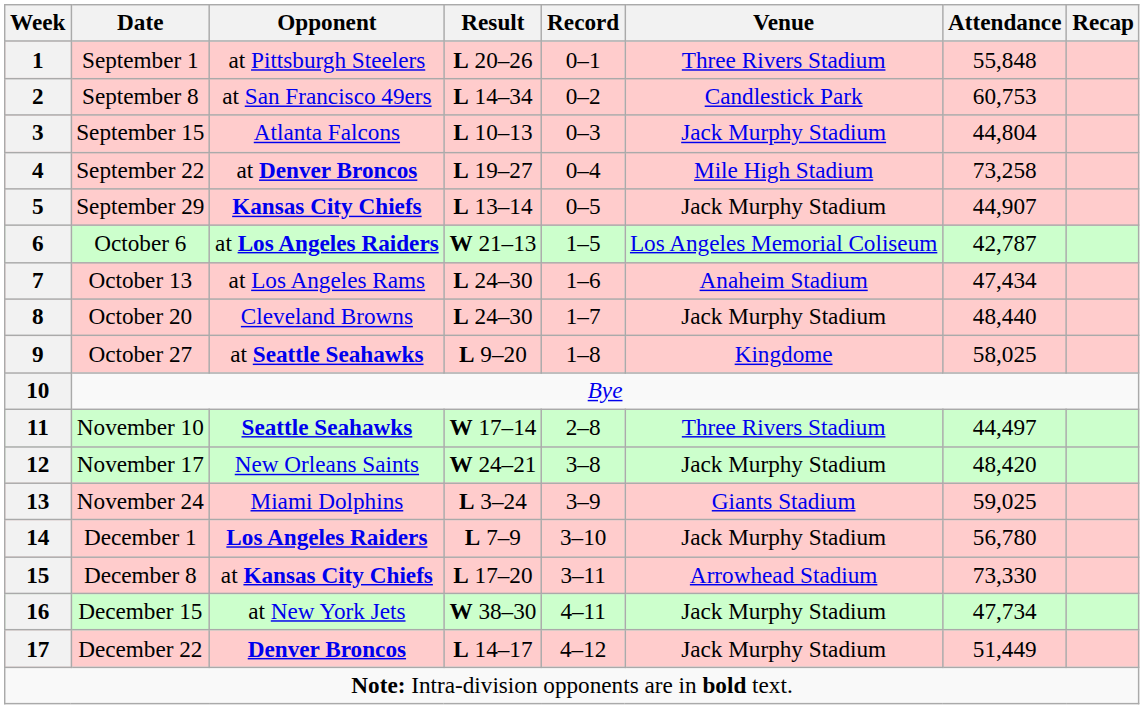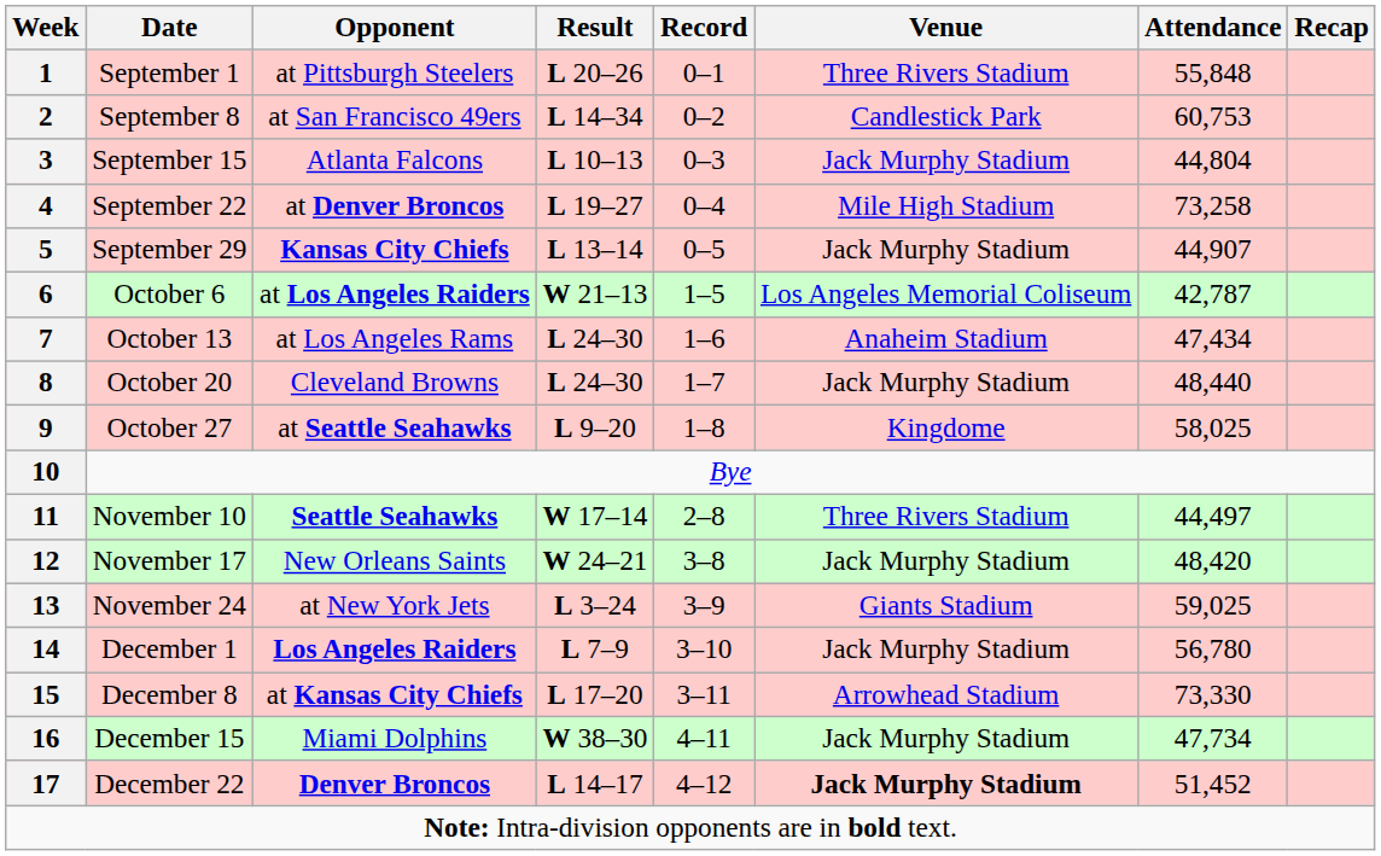 <table class="wikitable" style="text-align:center">
 <tr>
 <th>Week</th>
 <th>Date</th>
 <th>Opponent</th>
 <th>Result</th>
 <th>Record</th>
 <th>Venue</th>
 <th>Attendance</th>
 <th>Recap</th>
 </tr>
 <tr style="background:#fcc">
 <th>1</th>
 <td>September 1</td>
 <td>at <a href='#'>Pittsburgh Steelers</a></td>
 <td><strong>L</strong> 20–26</td>
 <td>0–1</td>
 <td><a href='#'>Three Rivers Stadium</a></td>
 <td>55,848</td>
 <td></td>
 </tr>
 <tr style="background:#fcc">
 <th>2</th>
 <td>September 8</td>
 <td>at <a href='#'>San Francisco 49ers</a></td>
 <td><strong>L</strong> 14–34</td>
 <td>0–2</td>
 <td><a href='#'>Candlestick Park</a></td>
 <td>60,753</td>
 <td></td>
 </tr>
 <tr style="background:#fcc">
 <th>3</th>
 <td>September 15</td>
 <td><a href='#'>Atlanta Falcons</a></td>
 <td><strong>L</strong> 10–13</td>
 <td>0–3</td>
 <td><a href='#'>Jack Murphy Stadium</a></td>
 <td>44,804</td>
 <td></td>
 </tr>
 <tr style="background:#fcc">
 <th>4</th>
 <td>September 22</td>
 <td>at <strong><a href='#'>Denver Broncos</a></strong></td>
 <td><strong>L</strong> 19–27</td>
 <td>0–4</td>
 <td><a href='#'>Mile High Stadium</a></td>
 <td>73,258</td>
 <td></td>
 </tr>
 <tr style="background:#fcc">
 <th>5</th>
 <td>September 29</td>
 <td><strong><a href='#'>Kansas City Chiefs</a></strong></td>
 <td><strong>L</strong> 13–14</td>
 <td>0–5</td>
 <td>Jack Murphy Stadium</td>
 <td>44,907</td>
 <td></td>
 </tr>
 <tr style="background:#cfc">
 <th>6</th>
 <td>October 6</td>
 <td>at <strong><a href='#'>Los Angeles Raiders</a></strong></td>
 <td><strong>W</strong> 21–13</td>
 <td>1–5</td>
 <td><a href='#'>Los Angeles Memorial Coliseum</a></td>
 <td>42,787</td>
 <td></td>
 </tr>
 <tr style="background:#fcc">
 <th>7</th>
 <td>October 13</td>
 <td>at <a href='#'>Los Angeles Rams</a></td>
 <td><strong>L</strong> 24–30</td>
 <td>1–6</td>
 <td><a href='#'>Anaheim Stadium</a></td>
 <td>47,434</td>
 <td></td>
 </tr>
 <tr style="background:#fcc">
 <th>8</th>
 <td>October 20</td>
 <td><a href='#'>Cleveland Browns</a></td>
 <td><strong>L</strong> 24–30 </td>
 <td>1–7</td>
 <td>Jack Murphy Stadium</td>
 <td>48,440</td>
 <td></td>
 </tr>
 <tr style="background:#fcc">
 <th>9</th>
 <td>October 27</td>
 <td>at <strong><a href='#'>Seattle Seahawks</a></strong></td>
 <td><strong>L</strong> 9–20</td>
 <td>1–8</td>
 <td><a href='#'>Kingdome</a></td>
 <td>58,025</td>
 <td></td>
 </tr>
 <tr>
 <th>10</th>
 <td colspan="7"><em><a href='#'>Bye</a></em></td>
 </tr>
 <tr style="background:#cfc">
 <th>11</th>
 <td>November 10</td>
 <td><strong><a href='#'>Seattle Seahawks</a></strong></td>
 <td><strong>W</strong> 17–14</td>
 <td>2–8</td>
 <td><a href='#'>Three Rivers Stadium</a></td>
 <td>44,497</td>
 <td></td>
 </tr>
 <tr style="background:#cfc">
 <th>12</th>
 <td>November 17</td>
 <td><a href='#'>New Orleans Saints</a></td>
 <td><strong>W</strong> 24–21</td>
 <td>3–8</td>
 <td>Jack Murphy Stadium</td>
 <td>48,420</td>
 <td></td>
 </tr>
 <tr style="background:#fcc">
 <th>13</th>
 <td>November 24</td>
-<td><a href='#'>Miami Dolphins</a></td>
+<td>at <a href='#'>New York Jets</a></td>
 <td><strong>L</strong> 3–24</td>
 <td>3–9</td>
 <td><a href='#'>Giants Stadium</a></td>
 <td>59,025</td>
 <td></td>
 </tr>
 <tr style="background:#fcc">
 <th>14</th>
 <td>December 1</td>
 <td><strong><a href='#'>Los Angeles Raiders</a></strong></td>
 <td><strong>L</strong> 7–9</td>
 <td>3–10</td>
 <td>Jack Murphy Stadium</td>
 <td>56,780</td>
 <td></td>
 </tr>
 <tr style="background:#fcc">
 <th>15</th>
 <td>December 8</td>
 <td>at <strong><a href='#'>Kansas City Chiefs</a></strong></td>
 <td><strong>L</strong> 17–20 </td>
 <td>3–11</td>
 <td><a href='#'>Arrowhead Stadium</a></td>
 <td>73,330</td>
 <td></td>
 </tr>
 <tr style="background:#cfc">
 <th>16</th>
 <td>December 15</td>
-<td>at <a href='#'>New York Jets</a></td>
+<td><a href='#'>Miami Dolphins</a></td>
 <td><strong>W</strong> 38–30</td>
 <td>4–11</td>
 <td>Jack Murphy Stadium</td>
 <td>47,734</td>
 <td></td>
 </tr>
 <tr style="background:#fcc">
 <th>17</th>
 <td>December 22</td>
 <td><strong><a href='#'>Denver Broncos</a></strong></td>
 <td><strong>L</strong> 14–17</td>
 <td>4–12</td>
-<td>Jack Murphy Stadium</td>
-<td>51,449</td>
+<td><strong>Jack Murphy Stadium</strong></td>
+<td>51,452</td>
 <td></td>
 </tr>
 <tr>
 <td colspan="8"><strong>Note:</strong> Intra-division opponents are in <strong>bold</strong> text.</td>
 </tr>
 </table>
